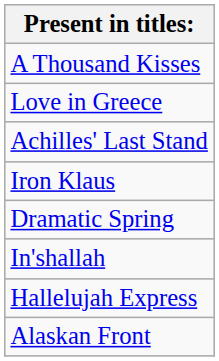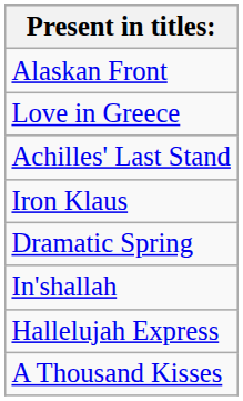 <table class="wikitable">
 <tr>
 <th>Present in titles:</th>
 </tr>
 <tr>
-<td><a href='#'>A Thousand Kisses</a></td>
+<td><a href='#'>Alaskan Front</a></td>
 </tr>
 <tr>
 <td><a href='#'>Love in Greece</a></td>
 </tr>
 <tr>
 <td><a href='#'>Achilles' Last Stand</a></td>
 </tr>
 <tr>
 <td><a href='#'>Iron Klaus</a></td>
 </tr>
 <tr>
 <td><a href='#'>Dramatic Spring</a></td>
 </tr>
 <tr>
 <td><a href='#'>In'shallah</a></td>
 </tr>
 <tr>
 <td><a href='#'>Hallelujah Express</a></td>
 </tr>
 <tr>
-<td><a href='#'>Alaskan Front</a></td>
+<td><a href='#'>A Thousand Kisses</a></td>
 </tr>
 </table>
